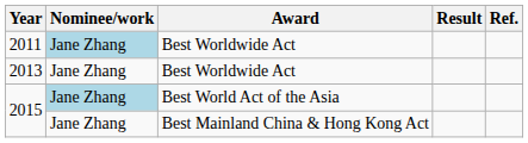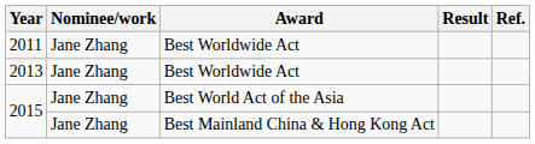 <table class="wikitable">
 <tr>
 <th>Year</th>
 <th>Nominee/work</th>
 <th>Award</th>
 <th><strong>Result</strong></th>
 <th>Ref.</th>
 </tr>
 <tr>
 <td>2011</td>
-<td style="background: lightblue;">Jane Zhang</td>
+<td>Jane Zhang</td>
 <td>Best Worldwide Act</td>
 <td></td>
 <td></td>
 </tr>
 <tr>
 <td>2013</td>
 <td>Jane Zhang</td>
 <td>Best Worldwide Act</td>
 <td></td>
 <td></td>
 </tr>
 <tr>
 <td rowspan="2">2015</td>
-<td style="background: lightblue;">Jane Zhang</td>
+<td>Jane Zhang</td>
 <td>Best World Act of the Asia</td>
 <td></td>
 <td></td>
 </tr>
 <tr>
 <td>Jane Zhang</td>
 <td>Best Mainland China & Hong Kong Act</td>
 <td></td>
 <td></td>
 </tr>
 </table>
